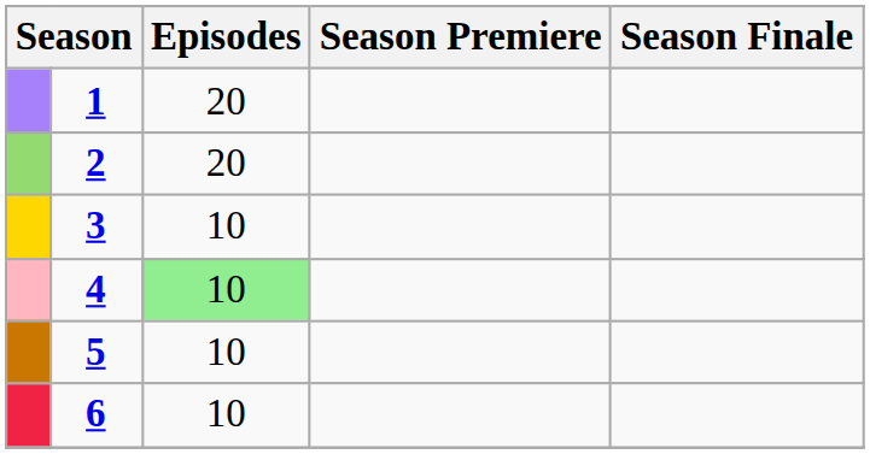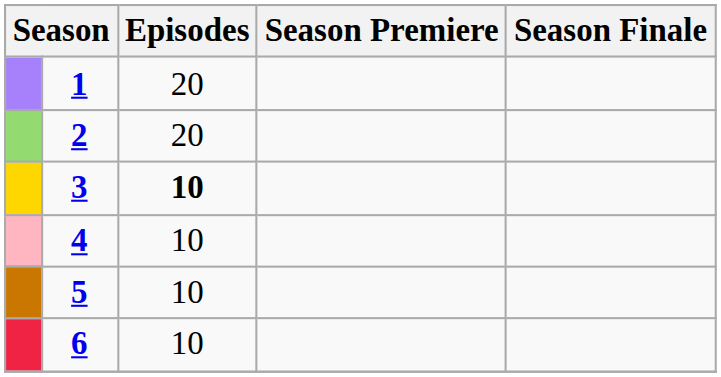 <table class="wikitable">
 <tr>
 <th colspan="2">Season</th>
 <th>Episodes</th>
 <th>Season Premiere</th>
 <th>Season Finale</th>
 </tr>
 <tr>
 <td style="background:#A780FB; height:5px;"></td>
 <td style="text-align:center;"><strong><a href='#'>1</a></strong></td>
 <td style="text-align:center;">20</td>
 <td style="text-align:center;"></td>
 <td style="text-align:center;"></td>
 </tr>
 <tr>
 <td style="background:#93DB70; height:5px;"></td>
 <td style="text-align:center;"><strong><a href='#'>2</a></strong></td>
 <td style="text-align:center;">20</td>
 <td style="text-align:center;"></td>
 <td style="text-align:center;"></td>
 </tr>
 <tr>
 <td style="background:#FFD700; height:5px;"></td>
 <td style="text-align:center;"><strong><a href='#'>3</a></strong></td>
-<td style="text-align:center;">10</td>
+<td style="text-align:center;"><strong>10</strong></td>
 <td style="text-align:center;"></td>
 <td style="text-align:center;"></td>
 </tr>
 <tr>
 <td style="background:#FFB6C1; height:5px;"></td>
 <td style="text-align:center;"><strong><a href='#'>4</a></strong></td>
-<td style="background: lightgreen; text-align:center;">10</td>
+<td style="text-align:center;">10</td>
 <td style="text-align:center;"></td>
 <td style="text-align:center;"></td>
 </tr>
 <tr>
 <td style="background:#CA7701; height:5px;"></td>
 <td style="text-align:center;"><strong><a href='#'>5</a></strong></td>
 <td style="text-align:center;">10</td>
 <td style="text-align:center;"></td>
 <td style="text-align:center;"></td>
 </tr>
 <tr>
 <td style="background:#F12345; height:5px;"></td>
 <td style="text-align:center;"><strong><a href='#'>6</a></strong></td>
 <td style="text-align:center;">10</td>
 <td style="text-align:center;"></td>
 <td style="text-align:center;"></td>
 </tr>
 <tr>
 </tr>
 </table>
